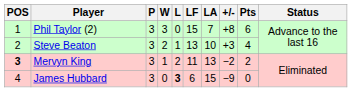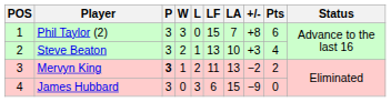 <table class="wikitable" style="text-align:center; margin: 1em auto 1em auto, align:left">
 <tr>
 <th width=20>POS</th>
 <th width=169>Player</th>
 <th width=3>P</th>
 <th width=3>W</th>
 <th width=3>L</th>
 <th width=20>LF</th>
 <th width=20>LA</th>
 <th width=20>+/-</th>
 <th width=20>Pts</th>
 <th width=129>Status</th>
 </tr>
 <tr style="background:#CCFFCC;">
 <td>1</td>
 <td style="text-align:left;"> <a href='#'>Phil Taylor</a> (2)</td>
 <td>3</td>
 <td>3</td>
 <td>0</td>
 <td>15</td>
 <td>7</td>
 <td>+8</td>
 <td>6</td>
 <td rowspan=2>Advance to the last 16</td>
 </tr>
 <tr style="background:#CCFFCC;">
 <td>2</td>
 <td style="text-align:left;"> <a href='#'>Steve Beaton</a></td>
 <td>3</td>
 <td>2</td>
 <td>1</td>
 <td>13</td>
 <td>10</td>
 <td>+3</td>
 <td>4</td>
 </tr>
 <tr style="background:#FFCCCC;">
+<td>3</td>
+<td style="text-align:left;"> <a href='#'>Mervyn King</a></td>
 <td><strong>3</strong></td>
-<td style="text-align:left;"> <a href='#'>Mervyn King</a></td>
-<td>3</td>
 <td>1</td>
 <td>2</td>
 <td>11</td>
 <td>13</td>
 <td>−2</td>
 <td>2</td>
 <td rowspan=2>Eliminated</td>
 </tr>
 <tr style="background:#FFCCCC;">
 <td>4</td>
 <td style="text-align:left;"> <a href='#'>James Hubbard</a></td>
 <td>3</td>
 <td>0</td>
-<td><strong>3</strong></td>
+<td>3</td>
 <td>6</td>
 <td>15</td>
 <td>−9</td>
 <td>0</td>
 </tr>
 </table>
